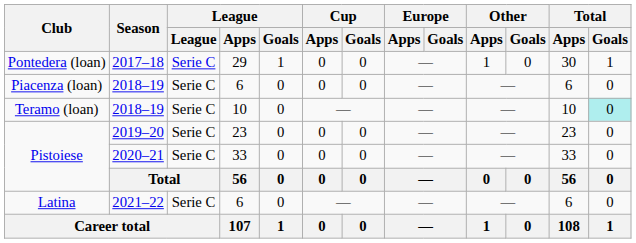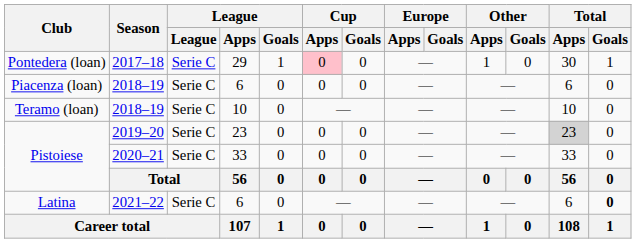 <table class="wikitable" style="text-align: center;">
 <tr>
 <th rowspan="2">Club</th>
 <th rowspan="2">Season</th>
 <th colspan="3">League</th>
 <th colspan="2">Cup</th>
 <th colspan="2">Europe</th>
 <th colspan="2">Other</th>
 <th colspan="2">Total</th>
 </tr>
 <tr>
 <th>League</th>
 <th>Apps</th>
 <th>Goals</th>
 <th>Apps</th>
 <th>Goals</th>
 <th>Apps</th>
 <th>Goals</th>
 <th>Apps</th>
 <th>Goals</th>
 <th>Apps</th>
 <th>Goals</th>
 </tr>
 <tr>
 <td><a href='#'>Pontedera</a> (loan)</td>
 <td><a href='#'>2017–18</a></td>
 <td><a href='#'>Serie C</a></td>
 <td>29</td>
 <td>1</td>
-<td>0</td>
+<td style="background: pink;">0</td>
 <td>0</td>
 <td colspan="2">—</td>
 <td>1</td>
 <td>0</td>
 <td>30</td>
 <td>1</td>
 </tr>
 <tr>
 <td><a href='#'>Piacenza</a> (loan)</td>
 <td><a href='#'>2018–19</a></td>
 <td>Serie C</td>
 <td>6</td>
 <td>0</td>
 <td>0</td>
 <td>0</td>
 <td colspan="2">—</td>
 <td colspan="2">—</td>
 <td>6</td>
 <td>0</td>
 </tr>
 <tr>
 <td><a href='#'>Teramo</a> (loan)</td>
 <td><a href='#'>2018–19</a></td>
 <td>Serie C</td>
 <td>10</td>
 <td>0</td>
 <td colspan="2">—</td>
 <td colspan="2">—</td>
 <td colspan="2">—</td>
 <td>10</td>
-<td style="background: paleturquoise;">0</td>
+<td>0</td>
 </tr>
 <tr>
 <td rowspan="3"><a href='#'>Pistoiese</a></td>
 <td><a href='#'>2019–20</a></td>
 <td>Serie C</td>
 <td>23</td>
 <td>0</td>
 <td>0</td>
 <td>0</td>
 <td colspan="2">—</td>
 <td colspan="2">—</td>
-<td>23</td>
+<td style="background: lightgrey;">23</td>
 <td>0</td>
 </tr>
 <tr>
 <td><a href='#'>2020–21</a></td>
 <td>Serie C</td>
 <td>33</td>
 <td>0</td>
 <td>0</td>
 <td>0</td>
 <td colspan="2">—</td>
 <td colspan="2">—</td>
 <td>33</td>
 <td>0</td>
 </tr>
 <tr>
 <th colspan="2">Total</th>
 <th>56</th>
 <th>0</th>
 <th>0</th>
 <th>0</th>
 <th colspan="2">—</th>
 <th>0</th>
 <th>0</th>
 <th>56</th>
 <th>0</th>
 </tr>
 <tr>
 <td><a href='#'>Latina</a></td>
 <td><a href='#'>2021–22</a></td>
 <td>Serie C</td>
 <td>6</td>
 <td>0</td>
 <td colspan="2">—</td>
 <td colspan="2">—</td>
 <td colspan="2">—</td>
 <td>6</td>
-<td>0</td>
+<td><strong>0</strong></td>
 </tr>
 <tr>
 <th colspan="3">Career total</th>
 <th>107</th>
 <th>1</th>
 <th>0</th>
 <th>0</th>
 <th colspan="2">—</th>
 <th>1</th>
 <th>0</th>
 <th>108</th>
 <th>1</th>
 </tr>
 </table>
